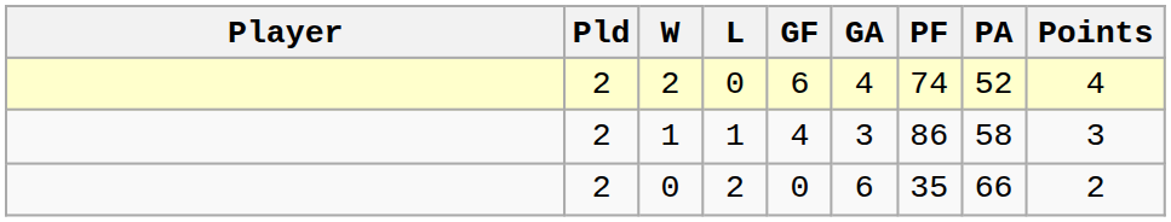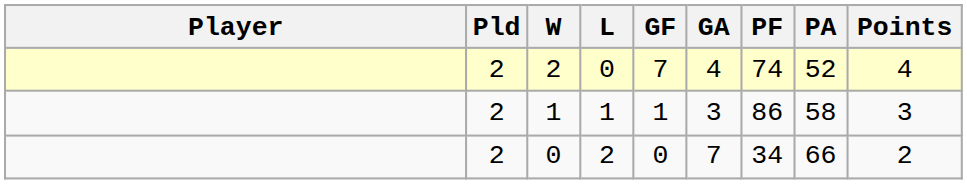 <table class=wikitable style="text-align:center;">
 <tr>
 <th width=220>Player</th>
 <th width=20>Pld</th>
 <th width=20>W</th>
 <th width=20>L</th>
 <th width=20>GF</th>
 <th width=20>GA</th>
 <th width=20>PF</th>
 <th width=20>PA</th>
 <th width=50>Points</th>
 </tr>
 <tr bgcolor=#ffffcc>
 <td style="text-align:left;"></td>
 <td>2</td>
 <td>2</td>
 <td>0</td>
-<td>6</td>
+<td>7</td>
 <td>4</td>
 <td>74</td>
 <td>52</td>
 <td>4</td>
 </tr>
 <tr>
 <td style="text-align:left;"></td>
 <td>2</td>
 <td>1</td>
 <td>1</td>
-<td>4</td>
+<td>1</td>
 <td>3</td>
 <td>86</td>
 <td>58</td>
 <td>3</td>
 </tr>
 <tr>
 <td style="text-align:left;"></td>
 <td>2</td>
 <td>0</td>
 <td>2</td>
 <td>0</td>
-<td>6</td>
-<td>35</td>
+<td>7</td>
+<td>34</td>
 <td>66</td>
 <td>2</td>
 </tr>
 </table>
